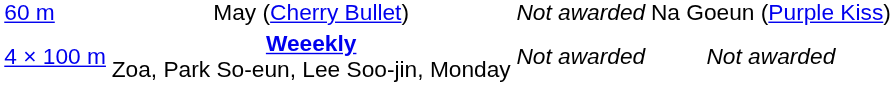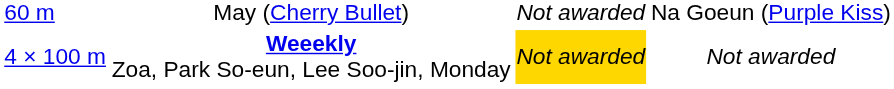 <table>
 <tr>
 <td><a href='#'>60 m</a></td>
 <td style="text-align:center">May (<a href='#'>Cherry Bullet</a>)</td>
 <td style="text-align:center"><em>Not awarded</em></td>
 <td style="text-align:center">Na Goeun (<a href='#'>Purple Kiss</a>)</td>
 </tr>
 <tr>
 <td><a href='#'>4 × 100 m</a></td>
 <td style="text-align:center"><strong><a href='#'>Weeekly</a></strong><br>Zoa, Park So-eun, Lee Soo-jin, Monday</td>
-<td style="text-align:center"><em>Not awarded</em></td>
+<td style="background: gold; text-align:center"><em>Not awarded</em></td>
 <td style="text-align:center"><em>Not awarded</em></td>
 </tr>
 </table>
